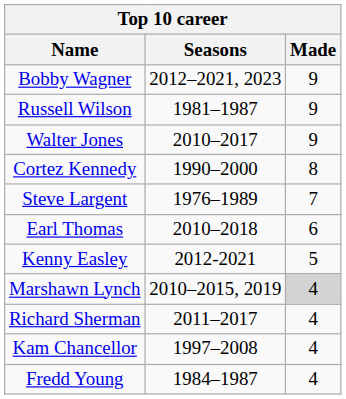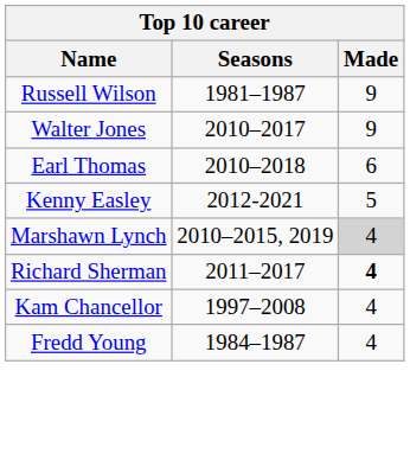 <table class="wikitable" style="text-align:center">
 <tr>
 <th colspan="3"><strong>Top 10 career</strong></th>
 </tr>
 <tr>
 <th><strong>Name</strong></th>
 <th><strong>Seasons</strong></th>
 <th><strong>Made</strong></th>
 </tr>
 <tr>
-<td><a href='#'>Bobby Wagner</a></td>
-<td>2012–2021, 2023</td>
-<td>9</td>
-</tr>
-<tr>
 <td><a href='#'>Russell Wilson</a></td>
 <td>1981–1987</td>
 <td>9</td>
 </tr>
 <tr>
 <td><a href='#'>Walter Jones</a></td>
 <td>2010–2017</td>
 <td>9</td>
-</tr>
-<tr>
-<td><a href='#'>Cortez Kennedy</a></td>
-<td>1990–2000</td>
-<td>8</td>
-</tr>
-<tr>
-<td><a href='#'>Steve Largent</a></td>
-<td>1976–1989</td>
-<td>7</td>
 </tr>
 <tr>
 <td><a href='#'>Earl Thomas</a></td>
 <td>2010–2018</td>
 <td>6</td>
 </tr>
 <tr>
 <td><a href='#'>Kenny Easley</a></td>
 <td>2012-2021</td>
 <td>5</td>
 </tr>
 <tr>
 <td><a href='#'>Marshawn Lynch</a></td>
 <td>2010–2015, 2019</td>
 <td style="background: lightgrey;">4</td>
 </tr>
 <tr>
 <td><a href='#'>Richard Sherman</a></td>
 <td>2011–2017</td>
-<td>4</td>
+<td><strong>4</strong></td>
 </tr>
 <tr>
 <td><a href='#'>Kam Chancellor</a></td>
 <td>1997–2008</td>
 <td>4</td>
 </tr>
 <tr>
 <td><a href='#'>Fredd Young</a></td>
 <td>1984–1987</td>
 <td>4</td>
 </tr>
 </table>
